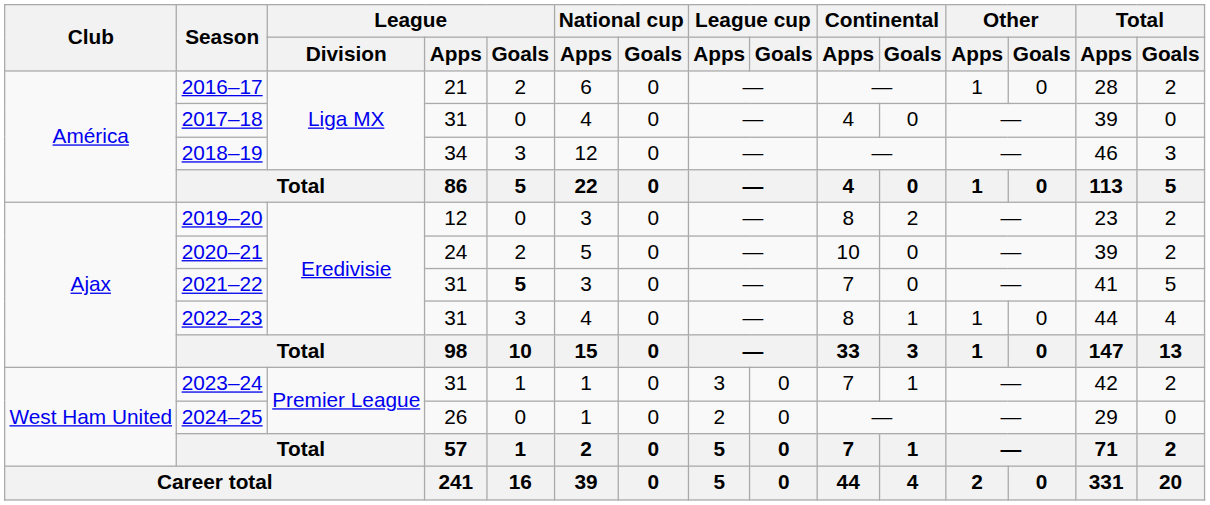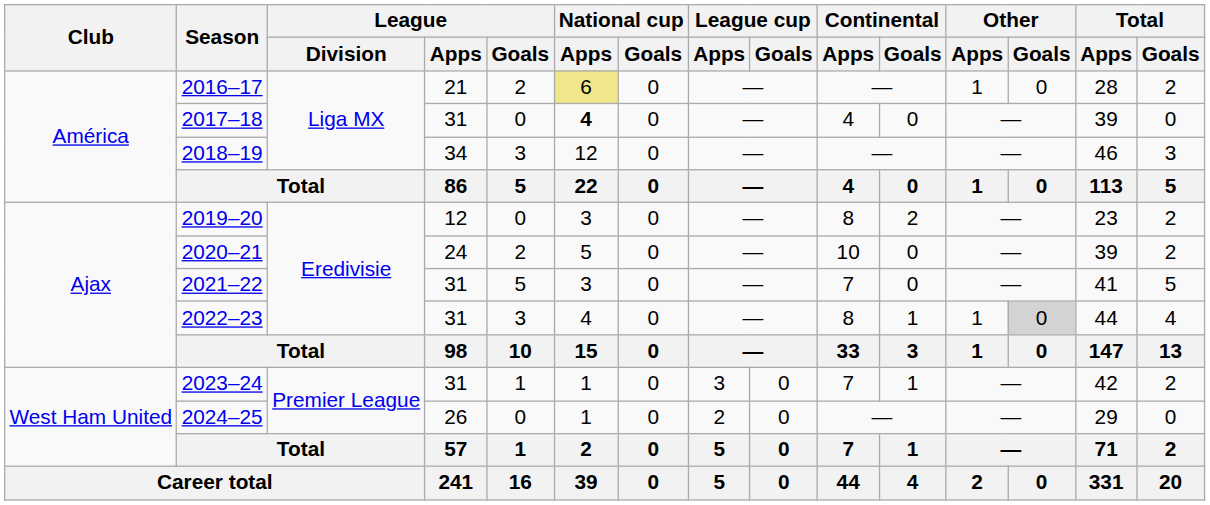 <table class="wikitable" style="text-align:center">
 <tr>
 <th rowspan="2">Club</th>
 <th rowspan="2">Season</th>
 <th colspan="3">League</th>
 <th colspan="2">National cup</th>
 <th colspan="2">League cup</th>
 <th colspan="2">Continental</th>
 <th colspan="2">Other</th>
 <th colspan="2">Total</th>
 </tr>
 <tr>
 <th>Division</th>
 <th>Apps</th>
 <th>Goals</th>
 <th>Apps</th>
 <th>Goals</th>
 <th>Apps</th>
 <th>Goals</th>
 <th>Apps</th>
 <th>Goals</th>
 <th>Apps</th>
 <th>Goals</th>
 <th>Apps</th>
 <th>Goals</th>
 </tr>
 <tr>
 <td rowspan="4"><a href='#'>América</a></td>
 <td><a href='#'>2016–17</a></td>
 <td rowspan="3"><a href='#'>Liga MX</a></td>
 <td>21</td>
 <td>2</td>
-<td>6</td>
+<td style="background: khaki;">6</td>
 <td>0</td>
 <td colspan="2">—</td>
 <td colspan="2">—</td>
 <td>1</td>
 <td>0</td>
 <td>28</td>
 <td>2</td>
 </tr>
 <tr>
 <td><a href='#'>2017–18</a></td>
 <td>31</td>
 <td>0</td>
-<td>4</td>
+<td><strong>4</strong></td>
 <td>0</td>
 <td colspan="2">—</td>
 <td>4</td>
 <td>0</td>
 <td colspan="2">—</td>
 <td>39</td>
 <td>0</td>
 </tr>
 <tr>
 <td><a href='#'>2018–19</a></td>
 <td>34</td>
 <td>3</td>
 <td>12</td>
 <td>0</td>
 <td colspan="2">—</td>
 <td colspan="2">—</td>
 <td colspan="2">—</td>
 <td>46</td>
 <td>3</td>
 </tr>
 <tr>
 <th colspan="2">Total</th>
 <th>86</th>
 <th>5</th>
 <th>22</th>
 <th>0</th>
 <th colspan="2">—</th>
 <th>4</th>
 <th>0</th>
 <th>1</th>
 <th>0</th>
 <th>113</th>
 <th>5</th>
 </tr>
 <tr>
 <td rowspan="5"><a href='#'>Ajax</a></td>
 <td><a href='#'>2019–20</a></td>
 <td rowspan="4"><a href='#'>Eredivisie</a></td>
 <td>12</td>
 <td>0</td>
 <td>3</td>
 <td>0</td>
 <td colspan="2">—</td>
 <td>8</td>
 <td>2</td>
 <td colspan="2">—</td>
 <td>23</td>
 <td>2</td>
 </tr>
 <tr>
 <td><a href='#'>2020–21</a></td>
 <td>24</td>
 <td>2</td>
 <td>5</td>
 <td>0</td>
 <td colspan="2">—</td>
 <td>10</td>
 <td>0</td>
 <td colspan="2">—</td>
 <td>39</td>
 <td>2</td>
 </tr>
 <tr>
 <td><a href='#'>2021–22</a></td>
 <td>31</td>
-<td><strong>5</strong></td>
+<td>5</td>
 <td>3</td>
 <td>0</td>
 <td colspan="2">—</td>
 <td>7</td>
 <td>0</td>
 <td colspan="2">—</td>
 <td>41</td>
 <td>5</td>
 </tr>
 <tr>
 <td><a href='#'>2022–23</a></td>
 <td>31</td>
 <td>3</td>
 <td>4</td>
 <td>0</td>
 <td colspan="2">—</td>
 <td>8</td>
 <td>1</td>
 <td>1</td>
-<td>0</td>
+<td style="background: lightgrey;">0</td>
 <td>44</td>
 <td>4</td>
 </tr>
 <tr>
 <th colspan="2">Total</th>
 <th>98</th>
 <th>10</th>
 <th>15</th>
 <th>0</th>
 <th colspan="2">—</th>
 <th>33</th>
 <th>3</th>
 <th>1</th>
 <th>0</th>
 <th>147</th>
 <th>13</th>
 </tr>
 <tr>
 <td rowspan="3"><a href='#'>West Ham United</a></td>
 <td><a href='#'>2023–24</a></td>
 <td rowspan="2"><a href='#'>Premier League</a></td>
 <td>31</td>
 <td>1</td>
 <td>1</td>
 <td>0</td>
 <td>3</td>
 <td>0</td>
 <td>7</td>
 <td>1</td>
 <td colspan="2">—</td>
 <td>42</td>
 <td>2</td>
 </tr>
 <tr>
 <td><a href='#'>2024–25</a></td>
 <td>26</td>
 <td>0</td>
 <td>1</td>
 <td>0</td>
 <td>2</td>
 <td>0</td>
 <td colspan="2">—</td>
 <td colspan="2">—</td>
 <td>29</td>
 <td>0</td>
 </tr>
 <tr>
 <th colspan="2">Total</th>
 <th>57</th>
 <th>1</th>
 <th>2</th>
 <th>0</th>
 <th>5</th>
 <th>0</th>
 <th>7</th>
 <th>1</th>
 <th colspan="2">—</th>
 <th>71</th>
 <th>2</th>
 </tr>
 <tr>
 <th colspan="3">Career total</th>
 <th>241</th>
 <th>16</th>
 <th>39</th>
 <th>0</th>
 <th>5</th>
 <th>0</th>
 <th>44</th>
 <th>4</th>
 <th>2</th>
 <th>0</th>
 <th>331</th>
 <th>20</th>
 </tr>
 </table>
